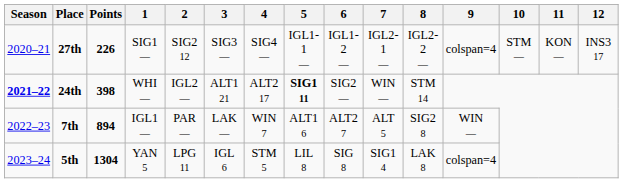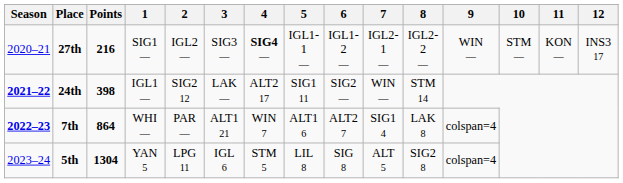 <table class="wikitable" border="1" style="text-align:center; font-size:90%;">
 <tr>
 <th>Season</th>
 <th>Place</th>
 <th>Points</th>
 <th width=40px>1</th>
 <th width=40px>2</th>
 <th width=40px>3</th>
 <th width=40px>4</th>
 <th width=40px>5</th>
 <th width=40px>6</th>
 <th width=40px>7</th>
 <th width=40px>8</th>
 <th width=40px>9</th>
 <th width=40px>10</th>
 <th width=40px>11</th>
 <th width=40px>12</th>
 </tr>
 <tr>
 <td><a href='#'>2020–21</a></td>
 <td><strong>27th</strong></td>
-<td><strong>226</strong></td>
+<td><strong>216</strong></td>
 <td>SIG1<br><small>—</small></td>
-<td>SIG2<br><small>12</small></td>
+<td>IGL2<br><small>—</small></td>
 <td>SIG3<br><small>—</small></td>
-<td>SIG4<br><small>—</small></td>
+<td><strong>SIG4<br><small>—</small></strong></td>
 <td>IGL1-1<br><small>—</small></td>
 <td>IGL1-2<br><small>—</small></td>
 <td>IGL2-1<br><small>—</small></td>
 <td>IGL2-2<br><small>—</small></td>
-<td>colspan=4 </td>
+<td>WIN<br><small>—</small></td>
 <td>STM<br><small>—</small></td>
 <td>KON<br><small>—</small></td>
 <td>INS3<br><small>17</small></td>
 </tr>
 <tr>
 <td><strong><a href='#'>2021–22</a></strong></td>
 <td><strong>24th</strong></td>
 <td><strong>398</strong></td>
-<td>WHI<br><small>—</small></td>
-<td>IGL2<br><small>—</small></td>
-<td>ALT1<br><small>21</small></td>
+<td>IGL1<br><small>—</small></td>
+<td>SIG2<br><small>12</small></td>
+<td>LAK<br><small>—</small></td>
 <td>ALT2<br><small>17</small></td>
-<td><strong>SIG1<br><small>11</small></strong></td>
+<td>SIG1<br><small>11</small></td>
 <td>SIG2<br><small>—</small></td>
 <td>WIN<br><small>—</small></td>
 <td>STM<br><small>14</small></td>
 </tr>
 <tr>
-<td><a href='#'>2022–23</a></td>
+<td><strong><a href='#'>2022–23</a></strong></td>
 <td><strong>7th</strong></td>
-<td><strong>894</strong></td>
-<td>IGL1<br><small>—</small></td>
+<td><strong>864</strong></td>
+<td>WHI<br><small>—</small></td>
 <td>PAR<br><small>—</small></td>
-<td>LAK<br><small>—</small></td>
+<td>ALT1<br><small>21</small></td>
 <td>WIN<br><small>7</small></td>
 <td>ALT1<br><small>6</small></td>
 <td>ALT2<br><small>7</small></td>
-<td>ALT<br><small>5</small></td>
-<td>SIG2<br><small>8</small></td>
-<td>WIN<br><small>—</small></td>
+<td>SIG1<br><small>4</small></td>
+<td>LAK<br><small>8</small></td>
+<td>colspan=4 </td>
 </tr>
 <tr>
 <td><a href='#'>2023–24</a></td>
 <td><strong>5th</strong></td>
 <td><strong>1304</strong></td>
 <td>YAN<br><small>5</small></td>
 <td>LPG<br><small>11</small></td>
 <td>IGL<br><small>6</small></td>
 <td>STM<br><small>5</small></td>
 <td>LIL<br><small>8</small></td>
 <td>SIG<br><small>8</small></td>
-<td>SIG1<br><small>4</small></td>
-<td>LAK<br><small>8</small></td>
+<td>ALT<br><small>5</small></td>
+<td>SIG2<br><small>8</small></td>
 <td>colspan=4 </td>
 </tr>
 </table>
